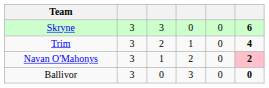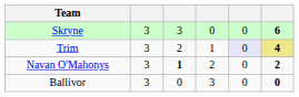 <table class="wikitable" style="text-align:center">
 <tr>
 <th style="width:175px;">Team</th>
 <th width="40"></th>
 <th width="40"></th>
 <th width="40"></th>
 <th width="40"></th>
 <th width="40"></th>
 </tr>
 <tr style="background:#cfc;">
 <td><a href='#'>Skryne</a></td>
 <td>3</td>
 <td>3</td>
 <td>0</td>
 <td>0</td>
 <td><strong>6</strong></td>
 </tr>
 <tr>
 <td><a href='#'>Trim</a></td>
 <td>3</td>
 <td>2</td>
 <td>1</td>
-<td>0</td>
-<td><strong>4</strong></td>
+<td style="background: lavender;">0</td>
+<td style="background: khaki;"><strong>4</strong></td>
 </tr>
 <tr>
 <td><a href='#'>Navan O'Mahonys</a></td>
 <td>3</td>
-<td>1</td>
+<td><strong>1</strong></td>
 <td>2</td>
 <td>0</td>
-<td style="background: pink;"><strong>2</strong></td>
+<td><strong>2</strong></td>
 </tr>
 <tr>
 <td>Ballivor</td>
 <td>3</td>
 <td>0</td>
 <td>3</td>
 <td>0</td>
 <td><strong>0</strong></td>
 </tr>
 </table>
